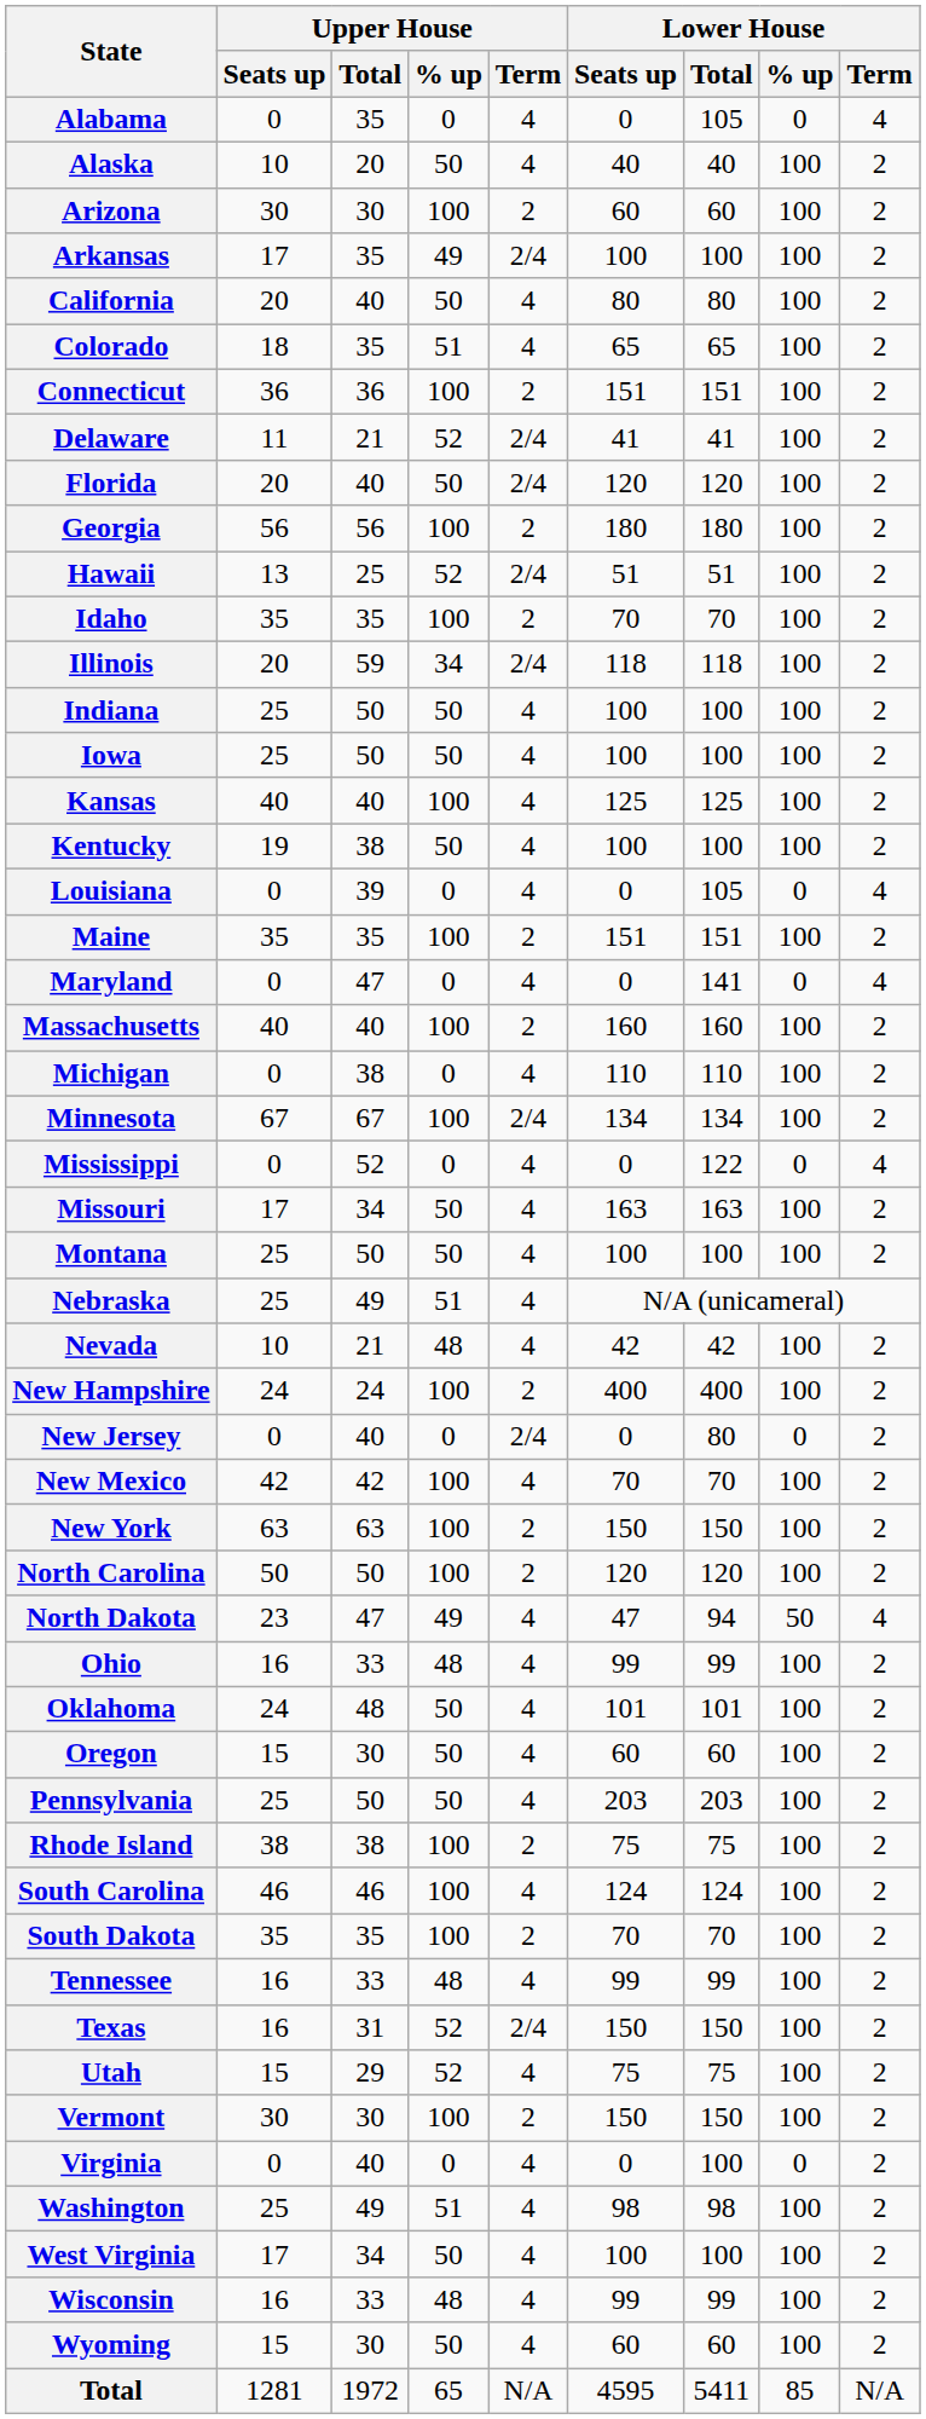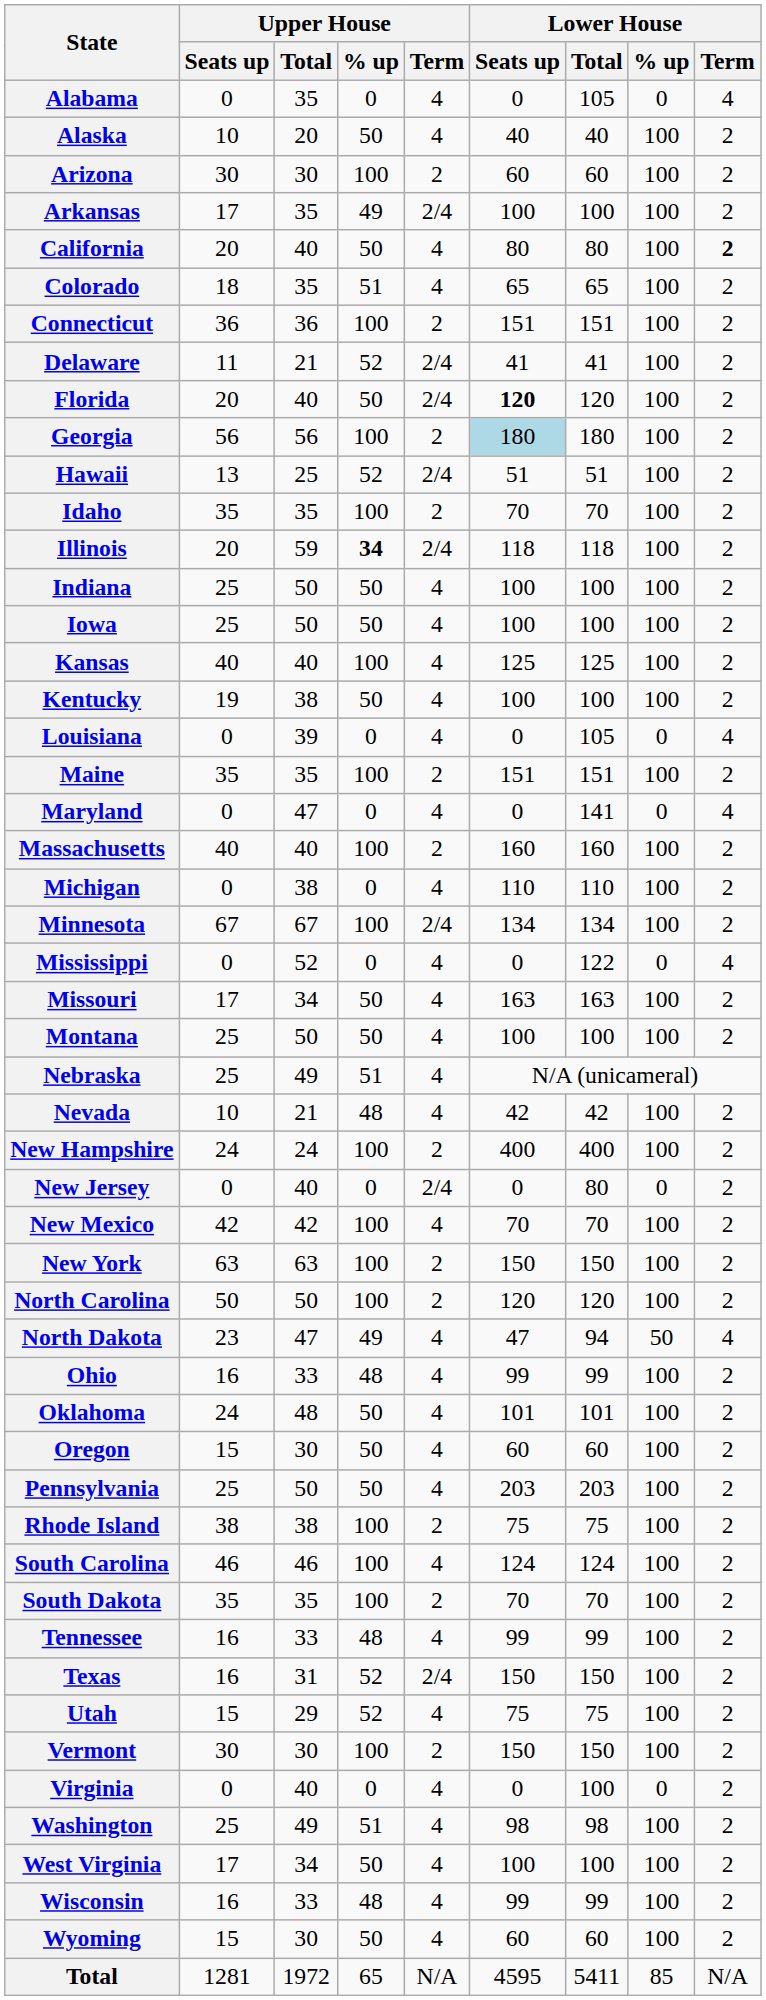 <table class="wikitable sortable plainrowheaders" style="text-align: center;">
 <tr>
 <th rowspan=2>State</th>
 <th colspan=4>Upper House</th>
 <th colspan=4>Lower House</th>
 </tr>
 <tr>
 <th>Seats up</th>
 <th>Total</th>
 <th>% up</th>
 <th>Term</th>
 <th>Seats up</th>
 <th>Total</th>
 <th>% up</th>
 <th>Term</th>
 </tr>
 <tr>
 <th scope="row"><a href='#'>Alabama</a></th>
 <td>0</td>
 <td>35</td>
 <td>0</td>
 <td>4</td>
 <td>0</td>
 <td>105</td>
 <td>0</td>
 <td>4</td>
 </tr>
 <tr>
 <th scope="row"><a href='#'>Alaska</a></th>
 <td>10</td>
 <td>20</td>
 <td>50</td>
 <td>4</td>
 <td>40</td>
 <td>40</td>
 <td>100</td>
 <td>2</td>
 </tr>
 <tr>
 <th scope="row"><a href='#'>Arizona</a></th>
 <td>30</td>
 <td>30</td>
 <td>100</td>
 <td>2</td>
 <td>60</td>
 <td>60</td>
 <td>100</td>
 <td>2</td>
 </tr>
 <tr>
 <th scope="row"><a href='#'>Arkansas</a></th>
 <td>17</td>
 <td>35</td>
 <td>49</td>
 <td>2/4</td>
 <td>100</td>
 <td>100</td>
 <td>100</td>
 <td>2</td>
 </tr>
 <tr>
 <th scope="row"><a href='#'>California</a></th>
 <td>20</td>
 <td>40</td>
 <td>50</td>
 <td>4</td>
 <td>80</td>
 <td>80</td>
 <td>100</td>
-<td>2</td>
+<td><strong>2</strong></td>
 </tr>
 <tr>
 <th scope="row"><a href='#'>Colorado</a></th>
 <td>18</td>
 <td>35</td>
 <td>51</td>
 <td>4</td>
 <td>65</td>
 <td>65</td>
 <td>100</td>
 <td>2</td>
 </tr>
 <tr>
 <th scope="row"><a href='#'>Connecticut</a></th>
 <td>36</td>
 <td>36</td>
 <td>100</td>
 <td>2</td>
 <td>151</td>
 <td>151</td>
 <td>100</td>
 <td>2</td>
 </tr>
 <tr>
 <th scope="row"><a href='#'>Delaware</a></th>
 <td>11</td>
 <td>21</td>
 <td>52</td>
 <td>2/4</td>
 <td>41</td>
 <td>41</td>
 <td>100</td>
 <td>2</td>
 </tr>
 <tr>
 <th scope="row"><a href='#'>Florida</a></th>
 <td>20</td>
 <td>40</td>
 <td>50</td>
 <td>2/4</td>
-<td>120</td>
+<td><strong>120</strong></td>
 <td>120</td>
 <td>100</td>
 <td>2</td>
 </tr>
 <tr>
 <th scope="row"><a href='#'>Georgia</a></th>
 <td>56</td>
 <td>56</td>
 <td>100</td>
 <td>2</td>
-<td>180</td>
+<td style="background: lightblue;">180</td>
 <td>180</td>
 <td>100</td>
 <td>2</td>
 </tr>
 <tr>
 <th scope="row"><a href='#'>Hawaii</a></th>
 <td>13</td>
 <td>25</td>
 <td>52</td>
 <td>2/4</td>
 <td>51</td>
 <td>51</td>
 <td>100</td>
 <td>2</td>
 </tr>
 <tr>
 <th scope="row"><a href='#'>Idaho</a></th>
 <td>35</td>
 <td>35</td>
 <td>100</td>
 <td>2</td>
 <td>70</td>
 <td>70</td>
 <td>100</td>
 <td>2</td>
 </tr>
 <tr>
 <th scope="row"><a href='#'>Illinois</a></th>
 <td>20</td>
 <td>59</td>
-<td>34</td>
+<td><strong>34</strong></td>
 <td>2/4</td>
 <td>118</td>
 <td>118</td>
 <td>100</td>
 <td>2</td>
 </tr>
 <tr>
 <th scope="row"><a href='#'>Indiana</a></th>
 <td>25</td>
 <td>50</td>
 <td>50</td>
 <td>4</td>
 <td>100</td>
 <td>100</td>
 <td>100</td>
 <td>2</td>
 </tr>
 <tr>
 <th scope="row"><a href='#'>Iowa</a></th>
 <td>25</td>
 <td>50</td>
 <td>50</td>
 <td>4</td>
 <td>100</td>
 <td>100</td>
 <td>100</td>
 <td>2</td>
 </tr>
 <tr>
 <th scope="row"><a href='#'>Kansas</a></th>
 <td>40</td>
 <td>40</td>
 <td>100</td>
 <td>4</td>
 <td>125</td>
 <td>125</td>
 <td>100</td>
 <td>2</td>
 </tr>
 <tr>
 <th scope="row"><a href='#'>Kentucky</a></th>
 <td>19</td>
 <td>38</td>
 <td>50</td>
 <td>4</td>
 <td>100</td>
 <td>100</td>
 <td>100</td>
 <td>2</td>
 </tr>
 <tr>
 <th scope="row"><a href='#'>Louisiana</a></th>
 <td>0</td>
 <td>39</td>
 <td>0</td>
 <td>4</td>
 <td>0</td>
 <td>105</td>
 <td>0</td>
 <td>4</td>
 </tr>
 <tr>
 <th scope="row"><a href='#'>Maine</a></th>
 <td>35</td>
 <td>35</td>
 <td>100</td>
 <td>2</td>
 <td>151</td>
 <td>151</td>
 <td>100</td>
 <td>2</td>
 </tr>
 <tr>
 <th scope="row"><a href='#'>Maryland</a></th>
 <td>0</td>
 <td>47</td>
 <td>0</td>
 <td>4</td>
 <td>0</td>
 <td>141</td>
 <td>0</td>
 <td>4</td>
 </tr>
 <tr>
 <th scope="row"><a href='#'>Massachusetts</a></th>
 <td>40</td>
 <td>40</td>
 <td>100</td>
 <td>2</td>
 <td>160</td>
 <td>160</td>
 <td>100</td>
 <td>2</td>
 </tr>
 <tr>
 <th scope="row"><a href='#'>Michigan</a></th>
 <td>0</td>
 <td>38</td>
 <td>0</td>
 <td>4</td>
 <td>110</td>
 <td>110</td>
 <td>100</td>
 <td>2</td>
 </tr>
 <tr>
 <th scope="row"><a href='#'>Minnesota</a></th>
 <td>67</td>
 <td>67</td>
 <td>100</td>
 <td>2/4</td>
 <td>134</td>
 <td>134</td>
 <td>100</td>
 <td>2</td>
 </tr>
 <tr>
 <th scope="row"><a href='#'>Mississippi</a></th>
 <td>0</td>
 <td>52</td>
 <td>0</td>
 <td>4</td>
 <td>0</td>
 <td>122</td>
 <td>0</td>
 <td>4</td>
 </tr>
 <tr>
 <th scope="row"><a href='#'>Missouri</a></th>
 <td>17</td>
 <td>34</td>
 <td>50</td>
 <td>4</td>
 <td>163</td>
 <td>163</td>
 <td>100</td>
 <td>2</td>
 </tr>
 <tr>
 <th scope="row"><a href='#'>Montana</a></th>
 <td>25</td>
 <td>50</td>
 <td>50</td>
 <td>4</td>
 <td>100</td>
 <td>100</td>
 <td>100</td>
 <td>2</td>
 </tr>
 <tr>
 <th scope="row"><a href='#'>Nebraska</a></th>
 <td>25</td>
 <td>49</td>
 <td>51</td>
 <td>4</td>
 <td colspan=4>N/A (unicameral)</td>
 </tr>
 <tr>
 <th scope="row"><a href='#'>Nevada</a></th>
 <td>10</td>
 <td>21</td>
 <td>48</td>
 <td>4</td>
 <td>42</td>
 <td>42</td>
 <td>100</td>
 <td>2</td>
 </tr>
 <tr>
 <th scope="row"><a href='#'>New Hampshire</a></th>
 <td>24</td>
 <td>24</td>
 <td>100</td>
 <td>2</td>
 <td>400</td>
 <td>400</td>
 <td>100</td>
 <td>2</td>
 </tr>
 <tr>
 <th scope="row"><a href='#'>New Jersey</a></th>
 <td>0</td>
 <td>40</td>
 <td>0</td>
 <td>2/4</td>
 <td>0</td>
 <td>80</td>
 <td>0</td>
 <td>2</td>
 </tr>
 <tr>
 <th scope="row"><a href='#'>New Mexico</a></th>
 <td>42</td>
 <td>42</td>
 <td>100</td>
 <td>4</td>
 <td>70</td>
 <td>70</td>
 <td>100</td>
 <td>2</td>
 </tr>
 <tr>
 <th scope="row"><a href='#'>New York</a></th>
 <td>63</td>
 <td>63</td>
 <td>100</td>
 <td>2</td>
 <td>150</td>
 <td>150</td>
 <td>100</td>
 <td>2</td>
 </tr>
 <tr>
 <th scope="row"><a href='#'>North Carolina</a></th>
 <td>50</td>
 <td>50</td>
 <td>100</td>
 <td>2</td>
 <td>120</td>
 <td>120</td>
 <td>100</td>
 <td>2</td>
 </tr>
 <tr>
 <th scope="row"><a href='#'>North Dakota</a></th>
 <td>23</td>
 <td>47</td>
 <td>49</td>
 <td>4</td>
 <td>47</td>
 <td>94</td>
 <td>50</td>
 <td>4</td>
 </tr>
 <tr>
 <th scope="row"><a href='#'>Ohio</a></th>
 <td>16</td>
 <td>33</td>
 <td>48</td>
 <td>4</td>
 <td>99</td>
 <td>99</td>
 <td>100</td>
 <td>2</td>
 </tr>
 <tr>
 <th scope="row"><a href='#'>Oklahoma</a></th>
 <td>24</td>
 <td>48</td>
 <td>50</td>
 <td>4</td>
 <td>101</td>
 <td>101</td>
 <td>100</td>
 <td>2</td>
 </tr>
 <tr>
 <th scope="row"><a href='#'>Oregon</a></th>
 <td>15</td>
 <td>30</td>
 <td>50</td>
 <td>4</td>
 <td>60</td>
 <td>60</td>
 <td>100</td>
 <td>2</td>
 </tr>
 <tr>
 <th scope="row"><a href='#'>Pennsylvania</a></th>
 <td>25</td>
 <td>50</td>
 <td>50</td>
 <td>4</td>
 <td>203</td>
 <td>203</td>
 <td>100</td>
 <td>2</td>
 </tr>
 <tr>
 <th scope="row"><a href='#'>Rhode Island</a></th>
 <td>38</td>
 <td>38</td>
 <td>100</td>
 <td>2</td>
 <td>75</td>
 <td>75</td>
 <td>100</td>
 <td>2</td>
 </tr>
 <tr>
 <th scope="row"><a href='#'>South Carolina</a></th>
 <td>46</td>
 <td>46</td>
 <td>100</td>
 <td>4</td>
 <td>124</td>
 <td>124</td>
 <td>100</td>
 <td>2</td>
 </tr>
 <tr>
 <th scope="row"><a href='#'>South Dakota</a></th>
 <td>35</td>
 <td>35</td>
 <td>100</td>
 <td>2</td>
 <td>70</td>
 <td>70</td>
 <td>100</td>
 <td>2</td>
 </tr>
 <tr>
 <th scope="row"><a href='#'>Tennessee</a></th>
 <td>16</td>
 <td>33</td>
 <td>48</td>
 <td>4</td>
 <td>99</td>
 <td>99</td>
 <td>100</td>
 <td>2</td>
 </tr>
 <tr>
 <th scope="row"><a href='#'>Texas</a></th>
 <td>16</td>
 <td>31</td>
 <td>52</td>
 <td>2/4</td>
 <td>150</td>
 <td>150</td>
 <td>100</td>
 <td>2</td>
 </tr>
 <tr>
 <th scope="row"><a href='#'>Utah</a></th>
 <td>15</td>
 <td>29</td>
 <td>52</td>
 <td>4</td>
 <td>75</td>
 <td>75</td>
 <td>100</td>
 <td>2</td>
 </tr>
 <tr>
 <th scope="row"><a href='#'>Vermont</a></th>
 <td>30</td>
 <td>30</td>
 <td>100</td>
 <td>2</td>
 <td>150</td>
 <td>150</td>
 <td>100</td>
 <td>2</td>
 </tr>
 <tr>
 <th scope="row"><a href='#'>Virginia</a></th>
 <td>0</td>
 <td>40</td>
 <td>0</td>
 <td>4</td>
 <td>0</td>
 <td>100</td>
 <td>0</td>
 <td>2</td>
 </tr>
 <tr>
 <th scope="row"><a href='#'>Washington</a></th>
 <td>25</td>
 <td>49</td>
 <td>51</td>
 <td>4</td>
 <td>98</td>
 <td>98</td>
 <td>100</td>
 <td>2</td>
 </tr>
 <tr>
 <th scope="row"><a href='#'>West Virginia</a></th>
 <td>17</td>
 <td>34</td>
 <td>50</td>
 <td>4</td>
 <td>100</td>
 <td>100</td>
 <td>100</td>
 <td>2</td>
 </tr>
 <tr>
 <th scope="row"><a href='#'>Wisconsin</a></th>
 <td>16</td>
 <td>33</td>
 <td>48</td>
 <td>4</td>
 <td>99</td>
 <td>99</td>
 <td>100</td>
 <td>2</td>
 </tr>
 <tr>
 <th scope="row"><a href='#'>Wyoming</a></th>
 <td>15</td>
 <td>30</td>
 <td>50</td>
 <td>4</td>
 <td>60</td>
 <td>60</td>
 <td>100</td>
 <td>2</td>
 </tr>
 <tr class="sortbottom" |>
 <th scope="row">Total</th>
 <td>1281</td>
 <td>1972</td>
 <td>65</td>
 <td>N/A</td>
 <td>4595</td>
 <td>5411</td>
 <td>85</td>
 <td>N/A</td>
 </tr>
 </table>
